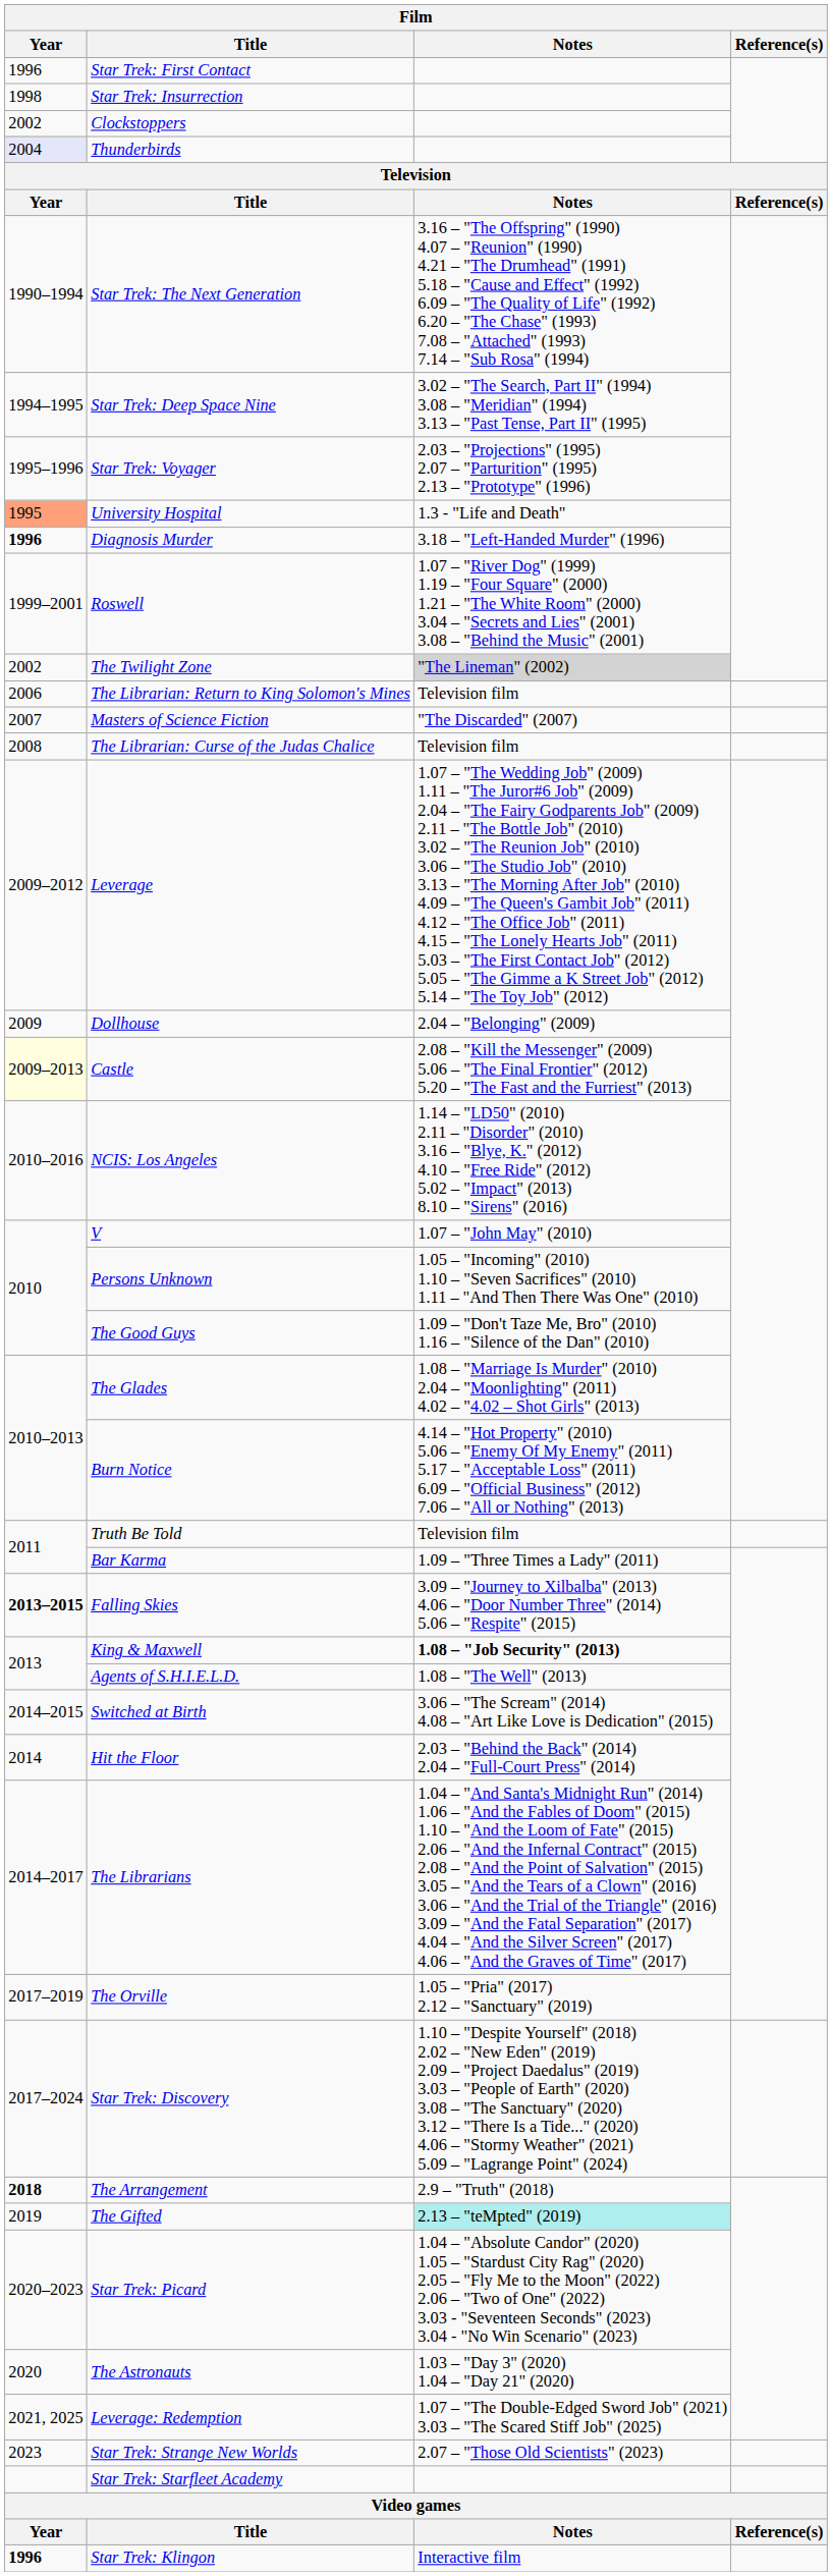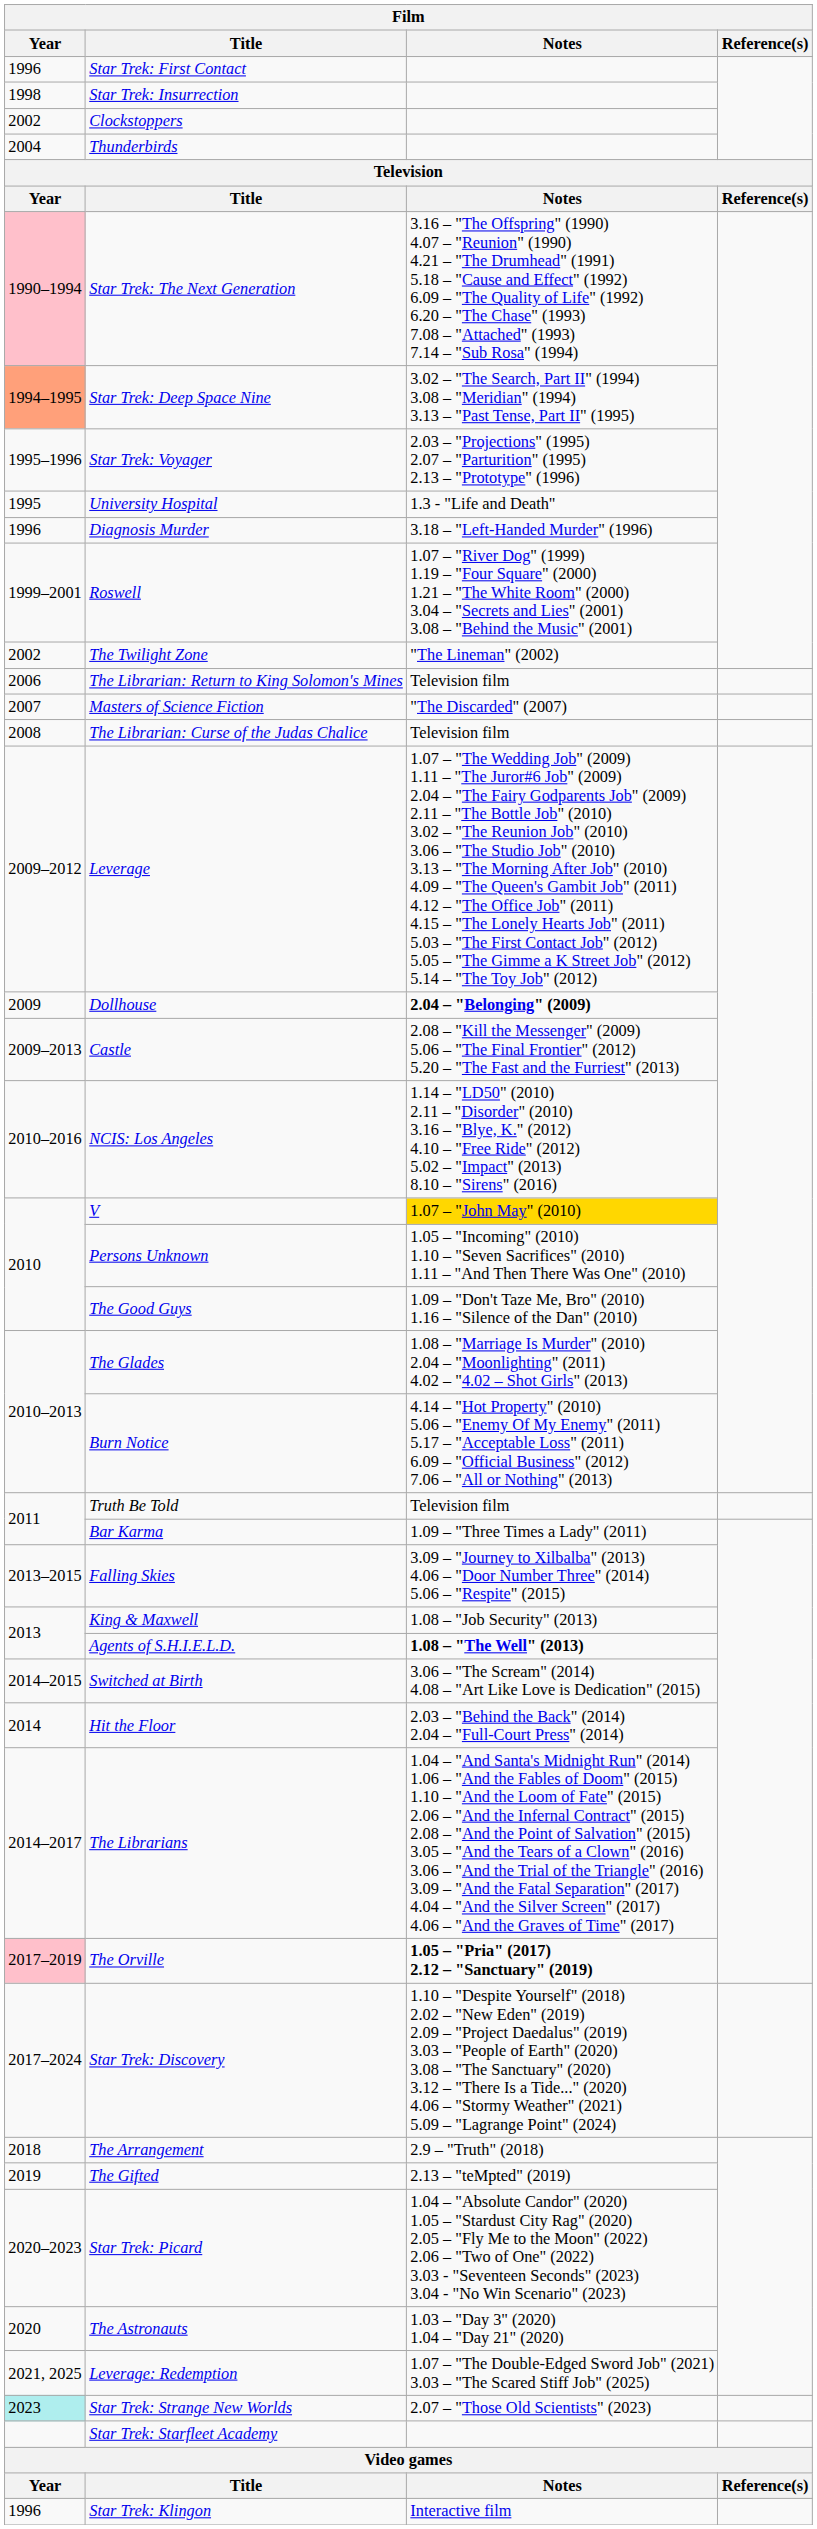 <table class="wikitable">
 <tr>
 <th colspan="4">Film</th>
 </tr>
 <tr>
 <th>Year</th>
 <th>Title</th>
 <th>Notes</th>
 <th>Reference(s)</th>
 </tr>
 <tr>
 <td>1996</td>
 <td><em><a href='#'>Star Trek: First Contact</a></em></td>
 <td></td>
 <td rowspan="4"></td>
 </tr>
 <tr>
 <td>1998</td>
 <td><em><a href='#'>Star Trek: Insurrection</a></em></td>
 <td></td>
 </tr>
 <tr>
 <td>2002</td>
 <td><em><a href='#'>Clockstoppers</a></em></td>
 <td></td>
 </tr>
 <tr>
-<td style="background: lavender;">2004</td>
+<td>2004</td>
 <td><em><a href='#'>Thunderbirds</a></em></td>
 <td></td>
 </tr>
 <tr>
 <th colspan="4">Television</th>
 </tr>
 <tr>
 <th>Year</th>
 <th>Title</th>
 <th>Notes</th>
 <th>Reference(s)</th>
 </tr>
 <tr>
-<td>1990–1994</td>
+<td style="background: pink;">1990–1994</td>
 <td><em><a href='#'>Star Trek: The Next Generation</a></em></td>
 <td>3.16 – "<a href='#'>The Offspring</a>" (1990)<br>4.07 – "<a href='#'>Reunion</a>" (1990)<br>4.21 – "<a href='#'>The Drumhead</a>" (1991)<br>5.18 – "<a href='#'>Cause and Effect</a>" (1992)<br>6.09 – "<a href='#'>The Quality of Life</a>" (1992)<br>6.20 – "<a href='#'>The Chase</a>" (1993)<br>7.08 – "<a href='#'>Attached</a>" (1993)<br>7.14 – "<a href='#'>Sub Rosa</a>" (1994)</td>
 <td rowspan="7"></td>
 </tr>
 <tr>
-<td>1994–1995</td>
+<td style="background: lightsalmon;">1994–1995</td>
 <td><em><a href='#'>Star Trek: Deep Space Nine</a></em></td>
 <td>3.02 – "<a href='#'>The Search, Part II</a>" (1994)<br>3.08 – "<a href='#'>Meridian</a>" (1994)<br>3.13 – "<a href='#'>Past Tense, Part II</a>" (1995)</td>
 </tr>
 <tr>
 <td>1995–1996</td>
 <td><em><a href='#'>Star Trek: Voyager</a></em></td>
 <td>2.03 – "<a href='#'>Projections</a>" (1995)<br>2.07 – "<a href='#'>Parturition</a>" (1995)<br>2.13 – "<a href='#'>Prototype</a>" (1996)</td>
 </tr>
 <tr>
-<td style="background: lightsalmon;">1995</td>
+<td>1995</td>
 <td><em><a href='#'>University Hospital</a></em></td>
 <td>1.3 - "Life and Death"</td>
 </tr>
 <tr>
-<td><strong>1996</strong></td>
+<td>1996</td>
 <td><em><a href='#'>Diagnosis Murder</a></em></td>
 <td>3.18 – "<a href='#'>Left-Handed Murder</a>" (1996)</td>
 </tr>
 <tr>
 <td>1999–2001</td>
 <td><em><a href='#'>Roswell</a></em></td>
 <td>1.07 – "<a href='#'>River Dog</a>" (1999)<br>1.19 – "<a href='#'>Four Square</a>" (2000)<br>1.21 – "<a href='#'>The White Room</a>" (2000)<br>3.04 – "<a href='#'>Secrets and Lies</a>" (2001)<br>3.08 – "<a href='#'>Behind the Music</a>" (2001)</td>
 </tr>
 <tr>
 <td>2002</td>
 <td><em><a href='#'>The Twilight Zone</a></em></td>
-<td style="background: lightgrey;">"<a href='#'>The Lineman</a>" (2002)</td>
+<td>"<a href='#'>The Lineman</a>" (2002)</td>
 </tr>
 <tr>
 <td>2006</td>
 <td><em><a href='#'>The Librarian: Return to King Solomon's Mines</a></em></td>
 <td>Television film</td>
 <td></td>
 </tr>
 <tr>
 <td>2007</td>
 <td><em><a href='#'>Masters of Science Fiction</a></em></td>
 <td>"<a href='#'>The Discarded</a>" (2007)</td>
 <td></td>
 </tr>
 <tr>
 <td>2008</td>
 <td><em><a href='#'>The Librarian: Curse of the Judas Chalice</a></em></td>
 <td>Television film</td>
 <td></td>
 </tr>
 <tr>
 <td>2009–2012</td>
 <td><em><a href='#'>Leverage</a></em></td>
 <td>1.07 – "<a href='#'>The Wedding Job</a>" (2009)<br>1.11 – "<a href='#'>The Juror#6 Job</a>" (2009)<br>2.04 – "<a href='#'>The Fairy Godparents Job</a>" (2009)<br>2.11 – "<a href='#'>The Bottle Job</a>" (2010)<br>3.02 – "<a href='#'>The Reunion Job</a>" (2010)<br>3.06 – "<a href='#'>The Studio Job</a>" (2010)<br>3.13 – "<a href='#'>The Morning After Job</a>" (2010)<br>4.09 – "<a href='#'>The Queen's Gambit Job</a>" (2011)<br>4.12 – "<a href='#'>The Office Job</a>" (2011)<br>4.15 – "<a href='#'>The Lonely Hearts Job</a>" (2011)<br>5.03 – "<a href='#'>The First Contact Job</a>" (2012)<br>5.05 – "<a href='#'>The Gimme a K Street Job</a>" (2012)<br>5.14 – "<a href='#'>The Toy Job</a>" (2012)</td>
 <td rowspan="9"></td>
 </tr>
 <tr>
 <td>2009</td>
 <td><em><a href='#'>Dollhouse</a></em></td>
-<td>2.04 – "<a href='#'>Belonging</a>" (2009)</td>
+<td><strong>2.04 – "<a href='#'>Belonging</a>" (2009)</strong></td>
 </tr>
 <tr>
-<td style="background: lightyellow;">2009–2013</td>
+<td>2009–2013</td>
 <td><em><a href='#'>Castle</a></em></td>
 <td>2.08 – "<a href='#'>Kill the Messenger</a>" (2009)<br>5.06 – "<a href='#'>The Final Frontier</a>" (2012)<br>5.20 – "<a href='#'>The Fast and the Furriest</a>" (2013)</td>
 </tr>
 <tr>
 <td>2010–2016</td>
 <td><em><a href='#'>NCIS: Los Angeles</a></em></td>
 <td>1.14 – "<a href='#'>LD50</a>" (2010)<br>2.11 – "<a href='#'>Disorder</a>" (2010)<br>3.16 – "<a href='#'>Blye, K.</a>" (2012)<br>4.10 – "<a href='#'>Free Ride</a>" (2012)<br>5.02 – "<a href='#'>Impact</a>" (2013)<br>8.10 – "<a href='#'>Sirens</a>" (2016)</td>
 </tr>
 <tr>
 <td rowspan="3">2010</td>
 <td><em><a href='#'>V</a></em></td>
-<td>1.07 – "<a href='#'>John May</a>" (2010)</td>
+<td style="background: gold;">1.07 – "<a href='#'>John May</a>" (2010)</td>
 </tr>
 <tr>
 <td><em><a href='#'>Persons Unknown</a></em></td>
 <td>1.05 – "Incoming" (2010)<br>1.10 – "Seven Sacrifices" (2010)<br>1.11 – "And Then There Was One" (2010)</td>
 </tr>
 <tr>
 <td><em><a href='#'>The Good Guys</a></em></td>
 <td>1.09 – "Don't Taze Me, Bro" (2010)<br>1.16 – "Silence of the Dan" (2010)</td>
 </tr>
 <tr>
 <td rowspan="2">2010–2013</td>
 <td><em><a href='#'>The Glades</a></em></td>
 <td>1.08 – "<a href='#'>Marriage Is Murder</a>" (2010)<br>2.04 – "<a href='#'>Moonlighting</a>" (2011)<br>4.02 – "<a href='#'>4.02 – Shot Girls</a>" (2013)</td>
 </tr>
 <tr>
 <td><em><a href='#'>Burn Notice</a></em></td>
 <td>4.14 – "<a href='#'>Hot Property</a>" (2010)<br>5.06 – "<a href='#'>Enemy Of My Enemy</a>" (2011)<br>5.17 – "<a href='#'>Acceptable Loss</a>" (2011)<br>6.09 – "<a href='#'>Official Business</a>" (2012)<br>7.06 – "<a href='#'>All or Nothing</a>" (2013)</td>
 </tr>
 <tr>
 <td rowspan="2">2011</td>
 <td><em>Truth Be Told</em></td>
 <td>Television film</td>
 <td></td>
 </tr>
 <tr>
 <td><em><a href='#'>Bar Karma</a></em></td>
 <td>1.09 – "Three Times a Lady" (2011)</td>
 <td rowspan="8"></td>
 </tr>
 <tr>
-<td><strong>2013–2015</strong></td>
+<td>2013–2015</td>
 <td><em><a href='#'>Falling Skies</a></em></td>
 <td>3.09 – "<a href='#'>Journey to Xilbalba</a>" (2013)<br>4.06 – "<a href='#'>Door Number Three</a>" (2014)<br>5.06 – "<a href='#'>Respite</a>" (2015)</td>
 </tr>
 <tr>
 <td rowspan="2">2013</td>
 <td><em><a href='#'>King & Maxwell</a></em></td>
-<td><strong>1.08 – "Job Security" (2013)</strong></td>
+<td>1.08 – "Job Security" (2013)</td>
 </tr>
 <tr>
 <td><em><a href='#'>Agents of S.H.I.E.L.D.</a></em></td>
-<td>1.08 – "<a href='#'>The Well</a>" (2013)</td>
+<td><strong>1.08 – "<a href='#'>The Well</a>" (2013)</strong></td>
 </tr>
 <tr>
 <td>2014–2015</td>
 <td><em><a href='#'>Switched at Birth</a></em></td>
 <td>3.06 – "The Scream" (2014)<br>4.08 – "Art Like Love is Dedication" (2015)</td>
 </tr>
 <tr>
 <td>2014</td>
 <td><em><a href='#'>Hit the Floor</a></em></td>
 <td>2.03 – "<a href='#'>Behind the Back</a>" (2014)<br>2.04 – "<a href='#'>Full-Court Press</a>" (2014)</td>
 </tr>
 <tr>
 <td>2014–2017</td>
 <td><em><a href='#'>The Librarians</a></em></td>
 <td>1.04 – "<a href='#'>And Santa's Midnight Run</a>" (2014)<br>1.06 – "<a href='#'>And the Fables of Doom</a>" (2015)<br>1.10 – "<a href='#'>And the Loom of Fate</a>" (2015)<br>2.06 – "<a href='#'>And the Infernal Contract</a>" (2015)<br>2.08 – "<a href='#'>And the Point of Salvation</a>" (2015)<br>3.05 – "<a href='#'>And the Tears of a Clown</a>" (2016)<br>3.06 – "<a href='#'>And the Trial of the Triangle</a>" (2016)<br>3.09 – "<a href='#'>And the Fatal Separation</a>" (2017)<br>4.04 – "<a href='#'>And the Silver Screen</a>" (2017)<br>4.06 – "<a href='#'>And the Graves of Time</a>" (2017)</td>
 </tr>
 <tr>
-<td>2017–2019</td>
+<td style="background: pink;">2017–2019</td>
 <td><em><a href='#'>The Orville</a></em></td>
-<td>1.05 – "Pria" (2017)<br>2.12 – "Sanctuary" (2019)</td>
+<td><strong>1.05 – "Pria" (2017)<br>2.12 – "Sanctuary" (2019)</strong></td>
 </tr>
 <tr>
 <td>2017–2024</td>
 <td><em><a href='#'>Star Trek: Discovery</a></em></td>
 <td>1.10 – "Despite Yourself" (2018)<br>2.02 – "New Eden" (2019)<br>2.09 – "Project Daedalus" (2019)<br>3.03 – "People of Earth" (2020)<br>3.08 – "The Sanctuary" (2020)<br>3.12 – "There Is a Tide..." (2020)<br>4.06 – "Stormy Weather" (2021)<br>5.09 – "Lagrange Point" (2024)</td>
 <td></td>
 </tr>
 <tr>
-<td><strong>2018</strong></td>
+<td>2018</td>
 <td><em><a href='#'>The Arrangement</a></em></td>
 <td>2.9 – "Truth" (2018)</td>
 <td rowspan="5"></td>
 </tr>
 <tr>
 <td>2019</td>
 <td><em><a href='#'>The Gifted</a></em></td>
-<td style="background: paleturquoise;">2.13 – "teMpted" (2019)</td>
+<td>2.13 – "teMpted" (2019)</td>
 </tr>
 <tr>
 <td>2020–2023</td>
 <td><em><a href='#'>Star Trek: Picard</a></em></td>
 <td>1.04 – "Absolute Candor" (2020)<br>1.05 – "Stardust City Rag" (2020)<br>2.05 – "Fly Me to the Moon" (2022)<br>2.06 – "Two of One" (2022)<br>3.03 - "Seventeen Seconds" (2023)<br>3.04 - "No Win Scenario" (2023)</td>
 </tr>
 <tr>
 <td>2020</td>
 <td><em><a href='#'>The Astronauts</a></em></td>
 <td>1.03 – "Day 3" (2020)<br>1.04 – "Day 21" (2020)</td>
 </tr>
 <tr>
 <td>2021, 2025</td>
 <td><em><a href='#'>Leverage: Redemption</a></em></td>
 <td>1.07 – "The Double-Edged Sword Job" (2021)<br>3.03 – "The Scared Stiff Job" (2025)</td>
 </tr>
 <tr>
-<td>2023</td>
+<td style="background: paleturquoise;">2023</td>
 <td><em><a href='#'>Star Trek: Strange New Worlds</a></em></td>
 <td>2.07 – "<a href='#'>Those Old Scientists</a>" (2023)</td>
 <td></td>
 </tr>
 <tr>
 <td></td>
 <td><em><a href='#'>Star Trek: Starfleet Academy</a></em></td>
 <td></td>
 <td></td>
 </tr>
 <tr>
 <th colspan="5">Video games</th>
 </tr>
 <tr>
 <th>Year</th>
 <th>Title</th>
 <th>Notes</th>
 <th>Reference(s)</th>
 </tr>
 <tr>
-<td><strong>1996</strong></td>
+<td>1996</td>
 <td><em><a href='#'>Star Trek: Klingon</a></em></td>
 <td><a href='#'>Interactive film</a></td>
 <td></td>
 </tr>
 </table>
